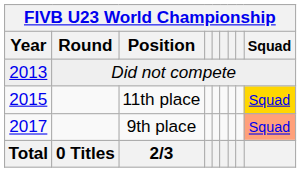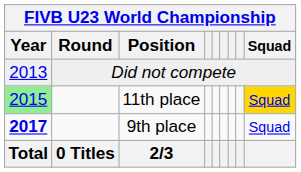 <table class="wikitable" style="text-align: center;">
 <tr>
 <th colspan=9><a href='#'>FIVB U23 World Championship</a></th>
 </tr>
 <tr>
 <th>Year</th>
 <th>Round</th>
 <th>Position</th>
 <th></th>
 <th></th>
 <th></th>
 <th></th>
 <th></th>
 <th><small>Squad</small></th>
 </tr>
 <tr bgcolor="efefef">
 <td> <a href='#'>2013</a></td>
 <td colspan="8" rowspan=1><em>Did not compete</em></td>
 </tr>
 <tr>
-<td> <a href='#'>2015</a></td>
+<td style="background: lightgreen;"> <a href='#'>2015</a></td>
 <td></td>
 <td>11th place</td>
 <td></td>
 <td></td>
 <td></td>
 <td></td>
 <td></td>
 <td style="background: gold;"><small><a href='#'>Squad</a></small></td>
 </tr>
 <tr>
-<td> <a href='#'>2017</a></td>
+<td><strong> <a href='#'>2017</a></strong></td>
 <td></td>
 <td>9th place</td>
 <td></td>
 <td></td>
 <td></td>
 <td></td>
 <td></td>
-<td style="background: lightsalmon;"><small><a href='#'>Squad</a></small></td>
+<td><small><a href='#'>Squad</a></small></td>
 </tr>
 <tr>
 <th>Total</th>
 <th>0 Titles</th>
 <th>2/3</th>
 <th></th>
 <th></th>
 <th></th>
 <th></th>
 <th></th>
 <th></th>
 </tr>
 </table>
